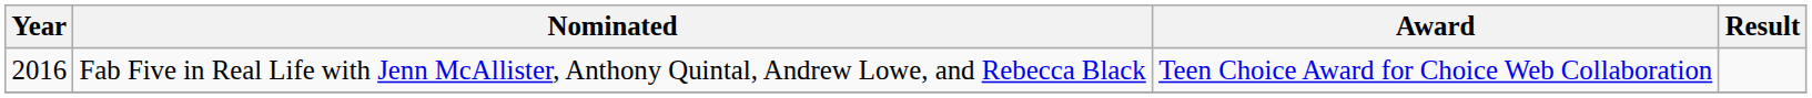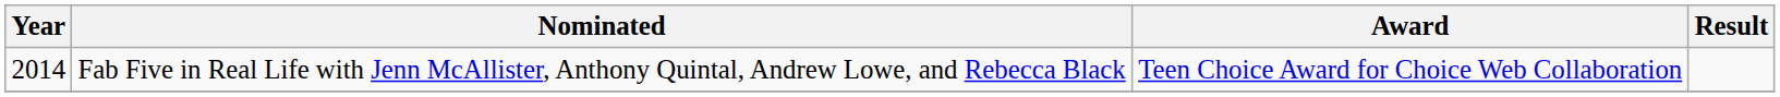 <table class="wikitable sortable">
 <tr>
 <th>Year</th>
 <th>Nominated</th>
 <th>Award</th>
 <th>Result</th>
 </tr>
 <tr>
-<td>2016</td>
+<td>2014</td>
 <td>Fab Five in Real Life with <a href='#'>Jenn McAllister</a>, Anthony Quintal, Andrew Lowe, and <a href='#'>Rebecca Black</a></td>
 <td><a href='#'>Teen Choice Award for Choice Web Collaboration</a></td>
 <td></td>
 </tr>
 <tr>
 </tr>
 </table>
